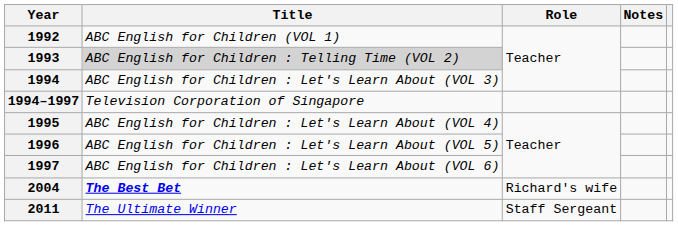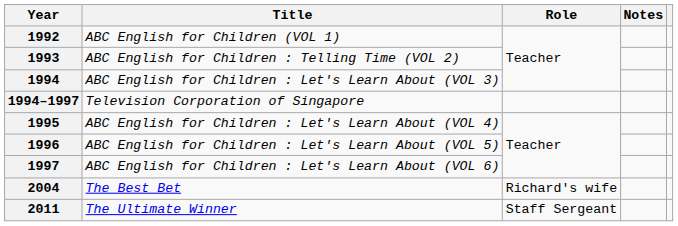 <table class="wikitable sortable plainrowheaders">
 <tr>
 <th scope="col">Year</th>
 <th scope="col">Title</th>
 <th scope="col">Role</th>
 <th scope="col" class="unsortable">Notes</th>
 <th scope="col" class="unsortable"></th>
 </tr>
 <tr>
 <th scope="row">1992</th>
 <td><em>ABC English for Children (VOL 1)</em></td>
 <td rowspan="3">Teacher</td>
 <td></td>
 <td></td>
 </tr>
 <tr>
 <th scope="row">1993</th>
-<td style="background: lightgrey;"><em>ABC English for Children : Telling Time (VOL 2)</em></td>
+<td><em>ABC English for Children : Telling Time (VOL 2)</em></td>
 <td></td>
 <td></td>
 </tr>
 <tr>
 <th scope="row">1994</th>
 <td><em>ABC English for Children : Let's Learn About (VOL 3)</em></td>
 <td></td>
 <td></td>
 </tr>
 <tr>
 <th scope="row">1994–1997</th>
 <td><em>Television Corporation of Singapore</em></td>
 <td></td>
 <td></td>
 <td></td>
 </tr>
 <tr>
 <th scope="row">1995</th>
 <td><em>ABC English for Children : Let's Learn About (VOL 4)</em></td>
 <td rowspan="3">Teacher</td>
 <td></td>
 <td></td>
 </tr>
 <tr>
 <th scope="row">1996</th>
 <td><em>ABC English for Children : Let's Learn About (VOL 5)</em></td>
 <td></td>
 <td></td>
 </tr>
 <tr>
 <th scope="row">1997</th>
 <td><em>ABC English for Children : Let's Learn About (VOL 6)</em></td>
 <td></td>
 <td></td>
 </tr>
 <tr>
 <th scope="row">2004</th>
-<td><strong><em><a href='#'>The Best Bet</a></em></strong></td>
+<td><em><a href='#'>The Best Bet</a></em></td>
 <td>Richard's wife</td>
 <td></td>
 <td></td>
 </tr>
 <tr>
 <th scope="row">2011</th>
 <td><em><a href='#'>The Ultimate Winner</a></em></td>
 <td>Staff Sergeant</td>
 <td></td>
 <td></td>
 </tr>
 </table>
